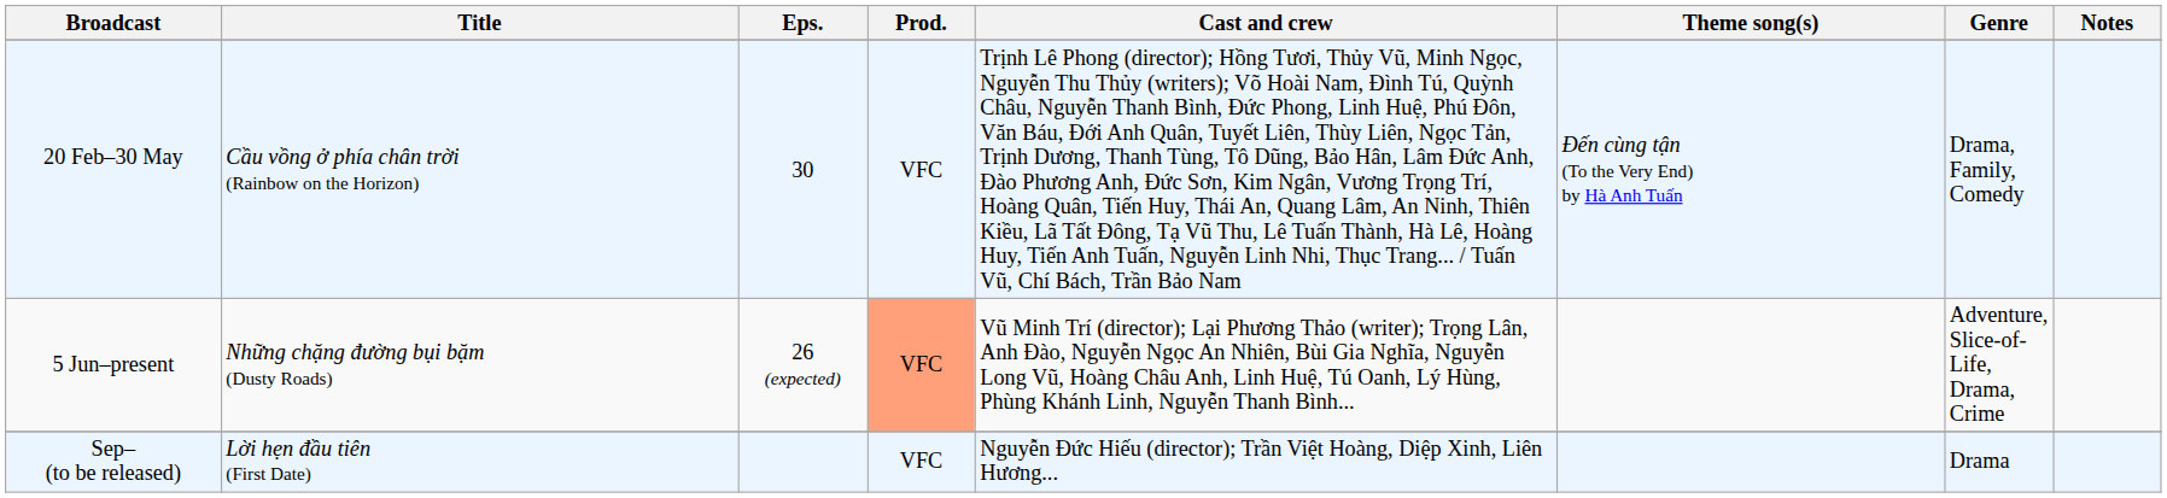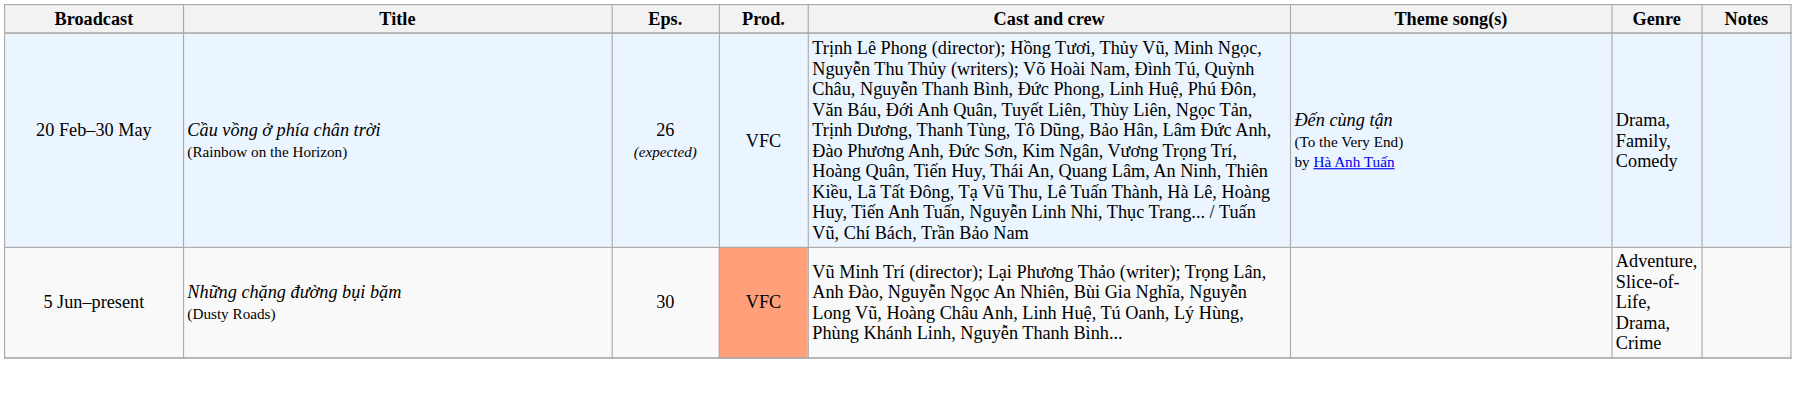 <table class="wikitable sortable">
 <tr>
 <th style="width:10%;">Broadcast</th>
 <th style="width:24%;">Title</th>
 <th style="width:6%;">Eps.</th>
 <th style="width:5%;">Prod.</th>
 <th style="width:27%;">Cast and crew</th>
 <th style="width:18%;">Theme song(s)</th>
 <th style="width:5%;">Genre</th>
 <th style="width:5%;">Notes</th>
 </tr>
 <tr>
 </tr>
 <tr ---- bgcolor="#ebf5ff">
 <td style="text-align:center;">20 Feb–30 May<br><br></td>
 <td><em>Cầu vồng ở phía chân trời</em><br><small>(Rainbow on the Horizon)</small></td>
-<td style="text-align:center;">30</td>
+<td style="text-align:center;">26<br><small><em>(expected)</em></small></td>
 <td style="text-align:center;">VFC</td>
 <td>Trịnh Lê Phong (director); Hồng Tươi, Thủy Vũ, Minh Ngọc, Nguyễn Thu Thủy (writers); Võ Hoài Nam, Đình Tú, Quỳnh Châu, Nguyễn Thanh Bình, Đức Phong, Linh Huệ, Phú Đôn, Văn Báu, Đới Anh Quân, Tuyết Liên, Thùy Liên, Ngọc Tản, Trịnh Dương, Thanh Tùng, Tô Dũng, Bảo Hân, Lâm Đức Anh, Đào Phương Anh, Đức Sơn, Kim Ngân, Vương Trọng Trí, Hoàng Quân, Tiến Huy, Thái An, Quang Lâm, An Ninh, Thiên Kiều, Lã Tất Đông, Tạ Vũ Thu, Lê Tuấn Thành, Hà Lê, Hoàng Huy, Tiến Anh Tuấn, Nguyễn Linh Nhi, Thục Trang... / Tuấn Vũ, Chí Bách, Trần Bảo Nam</td>
 <td><em>Đến cùng tận</em><br><small>(To the Very End)<br>by <a href='#'>Hà Anh Tuấn</a></small></td>
 <td>Drama, Family, Comedy</td>
 <td></td>
 </tr>
 <tr>
 <td style="text-align:center;">5 Jun–present<br></td>
 <td><em>Những chặng đường bụi bặm</em><br><small>(Dusty Roads)</small></td>
-<td style="text-align:center;">26<br><small><em>(expected)</em></small></td>
+<td style="text-align:center;">30</td>
 <td style="background: lightsalmon; text-align:center;">VFC</td>
 <td>Vũ Minh Trí (director); Lại Phương Thảo (writer); Trọng Lân, Anh Đào, Nguyễn Ngọc An Nhiên, Bùi Gia Nghĩa, Nguyễn Long Vũ, Hoàng Châu Anh, Linh Huệ, Tú Oanh, Lý Hùng, Phùng Khánh Linh, Nguyễn Thanh Bình...</td>
 <td></td>
 <td>Adventure, Slice-of-Life, Drama, Crime</td>
 <td></td>
 </tr>
 <tr>
 </tr>
-<tr ---- bgcolor="#ebf5ff">
-<td style="text-align:center;">Sep–<br>(to be released)</td>
-<td><em>Lời hẹn đầu tiên</em><br><small>(First Date)</small></td>
-<td style="text-align:center;"></td>
-<td style="text-align:center;">VFC</td>
-<td>Nguyễn Đức Hiếu (director); Trần Việt Hoàng, Diệp Xinh, Liên Hương...</td>
-<td></td>
-<td>Drama</td>
-<td></td>
-</tr>
 </table>
